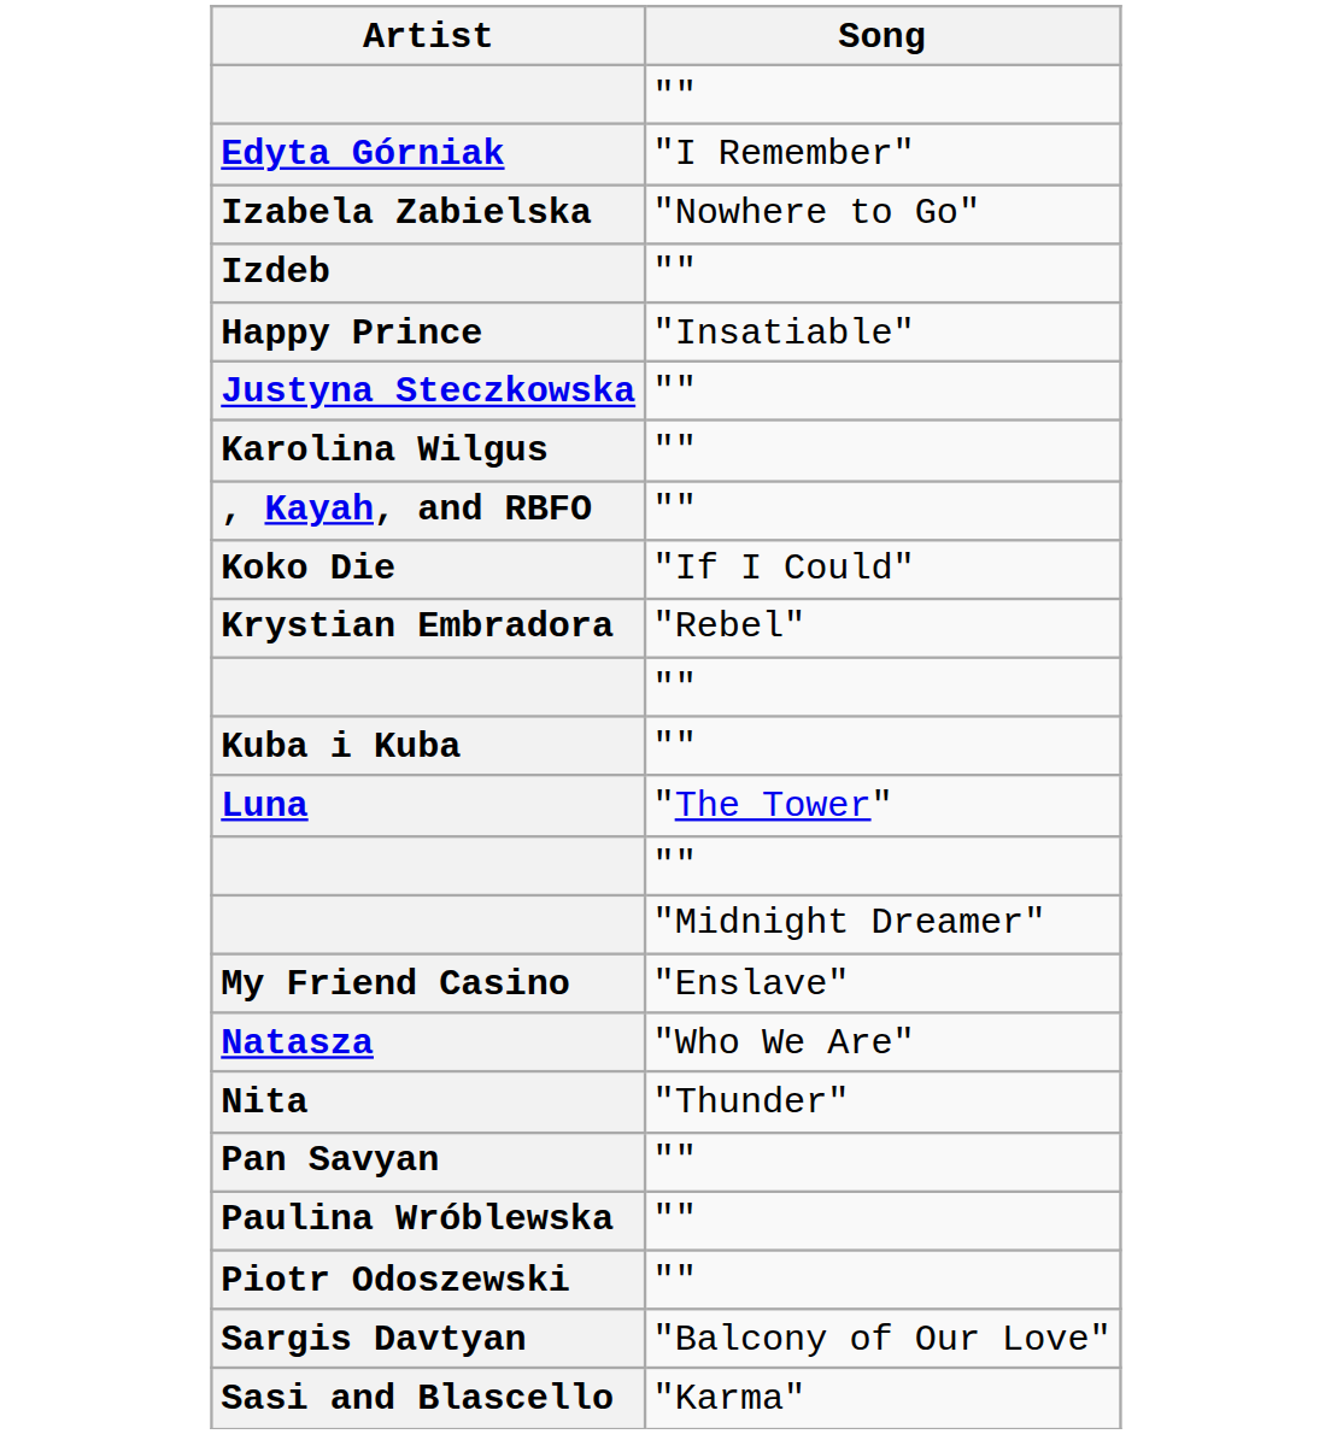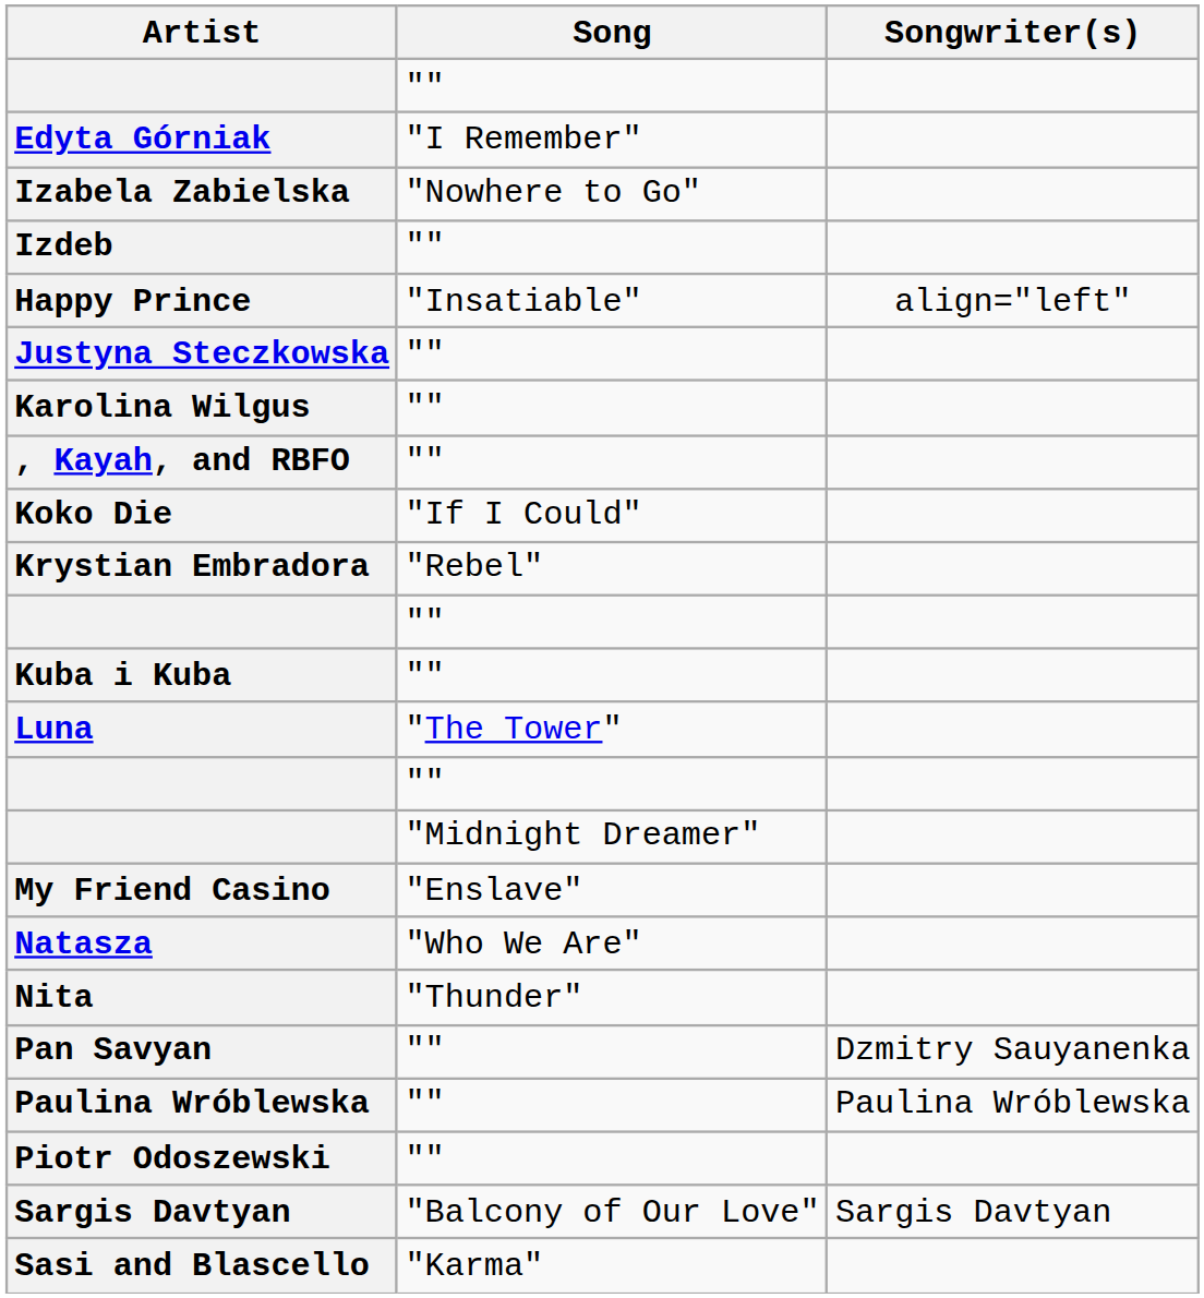 <table class="wikitable plainrowheaders" style="margin: 1em auto 1em auto; text-align:center">
 <tr>
 <th>Artist</th>
 <th>Song</th>
+<th>Songwriter(s)</th>
 </tr>
 <tr>
 <th scope="row" style="text-align:left"></th>
 <td align="left">""</td>
+<td align="left"></td>
 </tr>
 <tr>
 <th scope="row" style="text-align:left"><a href='#'>Edyta Górniak</a></th>
 <td align="left">"I Remember"</td>
+<td align="left"></td>
 </tr>
 <tr>
 <th scope="row" style="text-align:left">Izabela Zabielska</th>
 <td align="left">"Nowhere to Go"</td>
+<td align="left"></td>
 </tr>
 <tr>
 <th scope="row" style="text-align:left">Izdeb</th>
 <td align="left">""</td>
+<td align="left"></td>
 </tr>
 <tr>
 <th scope="row" style="text-align:left">Happy Prince</th>
 <td align="left">"Insatiable"</td>
+<td>align="left" </td>
 </tr>
 <tr>
 <th scope="row" style="text-align:left"><a href='#'>Justyna Steczkowska</a></th>
 <td align="left">""</td>
+<td align="left"></td>
 </tr>
 <tr>
 <th scope="row" style="text-align:left">Karolina Wilgus</th>
 <td align="left">""</td>
+<td align="left"></td>
 </tr>
 <tr>
 <th scope="row" style="text-align:left">, <a href='#'>Kayah</a>,  and RBFO</th>
 <td align="left">""</td>
+<td align="left"></td>
 </tr>
 <tr>
 <th scope="row" style="text-align:left">Koko Die</th>
 <td align="left">"If I Could"</td>
+<td align="left"></td>
 </tr>
 <tr>
 <th scope="row" style="text-align:left">Krystian Embradora</th>
 <td align="left">"Rebel"</td>
+<td align="left"></td>
 </tr>
 <tr>
 <th scope="row" style="text-align:left"></th>
 <td align="left">""</td>
+<td align="left"></td>
 </tr>
 <tr>
 <th scope="row" style="text-align:left">Kuba i Kuba</th>
 <td align="left">""</td>
+<td align="left"></td>
 </tr>
 <tr>
 <th scope="row" style="text-align:left"><a href='#'>Luna</a></th>
 <td align="left">"<a href='#'>The Tower</a>"</td>
+<td align="left"></td>
 </tr>
 <tr>
 <th scope="row" style="text-align:left"></th>
 <td align="left">""</td>
+<td align="left"></td>
 </tr>
 <tr>
 <th scope="row" style="text-align:left"></th>
 <td align="left">"Midnight Dreamer"</td>
+<td align="left"></td>
 </tr>
 <tr>
 <th scope="row" style="text-align:left">My Friend Casino</th>
 <td align="left">"Enslave"</td>
+<td align="left"></td>
 </tr>
 <tr>
 <th scope="row" style="text-align:left"><a href='#'>Natasza</a></th>
 <td align="left">"Who We Are"</td>
+<td align="left"></td>
 </tr>
 <tr>
 <th scope="row" style="text-align:left">Nita</th>
 <td align="left">"Thunder"</td>
+<td align="left"></td>
 </tr>
 <tr>
 <th scope="row" style="text-align:left">Pan Savyan</th>
 <td align="left">""</td>
+<td align="left">Dzmitry Sauyanenka</td>
 </tr>
 <tr>
 <th scope="row" style="text-align:left">Paulina Wróblewska</th>
 <td align="left">""</td>
+<td align="left">Paulina Wróblewska</td>
 </tr>
 <tr>
 <th scope="row" style="text-align:left">Piotr Odoszewski</th>
 <td align="left">""</td>
+<td align="left"></td>
 </tr>
 <tr>
 <th scope="row" style="text-align:left">Sargis Davtyan</th>
 <td align="left">"Balcony of Our Love"</td>
+<td align="left">Sargis Davtyan</td>
 </tr>
 <tr>
 <th scope="row" style="text-align:left">Sasi and Blascello</th>
 <td align="left">"Karma"</td>
+<td align="left"></td>
 </tr>
 </table>
